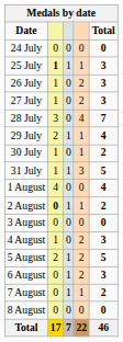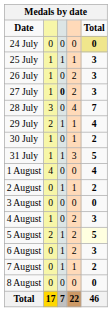 <table class="wikitable" style="font-size:85%">
 <tr bgcolor="#efefef">
 <th colspan=6>Medals by date</th>
 </tr>
 <tr align=center>
 <td><strong>Date</strong></td>
 <td bgcolor=#f7f6a8></td>
 <td bgcolor=#dce5e5></td>
 <td bgcolor=#ffdab9></td>
 <td><strong>Total</strong></td>
 </tr>
 <tr align=center>
 <td>24 July</td>
 <td style="background:#F7F6A8;">0</td>
 <td style="background:#DCE5E5;">0</td>
 <td style="background:#FFDAB9;">0</td>
-<td><strong>0</strong></td>
+<td style="background: khaki;"><strong>0</strong></td>
 </tr>
 <tr align=center>
 <td>25 July</td>
-<td style="background:#F7F6A8;"><strong>1</strong></td>
+<td style="background:#F7F6A8;">1</td>
 <td style="background:#DCE5E5;">1</td>
 <td style="background:#FFDAB9;">1</td>
 <td><strong>3</strong></td>
 </tr>
 <tr align=center>
 <td>26 July</td>
 <td style="background:#F7F6A8;">1</td>
 <td style="background:#DCE5E5;">0</td>
 <td style="background:#FFDAB9;">2</td>
 <td><strong>3</strong></td>
 </tr>
 <tr align=center>
 <td>27 July</td>
 <td style="background:#F7F6A8;">1</td>
-<td style="background:#DCE5E5;">0</td>
+<td style="background:#DCE5E5;"><strong>0</strong></td>
 <td style="background:#FFDAB9;">2</td>
 <td><strong>3</strong></td>
 </tr>
 <tr align=center>
 <td>28 July</td>
 <td style="background:#F7F6A8;">3</td>
 <td style="background:#DCE5E5;">0</td>
 <td style="background:#FFDAB9;">4</td>
 <td><strong>7</strong></td>
 </tr>
 <tr align=center>
 <td>29 July</td>
 <td style="background:#F7F6A8;">2</td>
 <td style="background:#DCE5E5;">1</td>
 <td style="background:#FFDAB9;">1</td>
 <td><strong>4</strong></td>
 </tr>
 <tr align=center>
 <td>30 July</td>
 <td style="background:#F7F6A8;">1</td>
 <td style="background:#DCE5E5;">0</td>
 <td style="background:#FFDAB9;">1</td>
 <td><strong>2</strong></td>
 </tr>
 <tr align=center>
 <td>31 July</td>
 <td style="background:#F7F6A8;">1</td>
 <td style="background:#DCE5E5;">1</td>
 <td style="background:#FFDAB9;">3</td>
 <td><strong>5</strong></td>
 </tr>
 <tr align=center>
 <td>1 August</td>
 <td style="background:#F7F6A8;">4</td>
 <td style="background:#DCE5E5;">0</td>
 <td style="background:#FFDAB9;">0</td>
 <td><strong>4</strong></td>
 </tr>
 <tr align=center>
 <td>2 August</td>
-<td style="background:#F7F6A8;"><strong>0</strong></td>
+<td style="background:#F7F6A8;">0</td>
 <td style="background:#DCE5E5;">1</td>
 <td style="background:#FFDAB9;">1</td>
 <td><strong>2</strong></td>
 </tr>
 <tr align=center>
 <td>3 August</td>
 <td style="background:#F7F6A8;">0</td>
 <td style="background:#DCE5E5;">0</td>
 <td style="background:#FFDAB9;">0</td>
 <td><strong>0</strong></td>
 </tr>
 <tr align=center>
 <td>4 August</td>
 <td style="background:#F7F6A8;">1</td>
 <td style="background:#DCE5E5;">0</td>
 <td style="background:#FFDAB9;">2</td>
 <td><strong>3</strong></td>
 </tr>
 <tr align=center>
 <td>5 August</td>
 <td style="background:#F7F6A8;">2</td>
 <td style="background:#DCE5E5;">1</td>
 <td style="background:#FFDAB9;">2</td>
-<td><strong>5</strong></td>
+<td style="background: lightyellow;"><strong>5</strong></td>
 </tr>
 <tr align=center>
 <td>6 August</td>
 <td style="background:#F7F6A8;">0</td>
 <td style="background:#DCE5E5;">1</td>
 <td style="background:#FFDAB9;">2</td>
 <td><strong>3</strong></td>
 </tr>
 <tr align=center>
 <td>7 August</td>
 <td style="background:#F7F6A8;">0</td>
 <td style="background:#DCE5E5;">1</td>
 <td style="background:#FFDAB9;">1</td>
 <td><strong>2</strong></td>
 </tr>
 <tr align=center>
 <td>8 August</td>
 <td style="background:#F7F6A8;">0</td>
 <td style="background:#DCE5E5;">0</td>
 <td style="background:#FFDAB9;">0</td>
 <td><strong>0</strong></td>
 </tr>
 <tr align=center>
 <th><strong>Total</strong></th>
 <th style="background:gold;"><strong>17</strong></th>
 <th style="background:silver;"><strong>7</strong></th>
 <th style="background:#c96;"><strong>22</strong></th>
 <th>46</th>
 </tr>
 </table>
